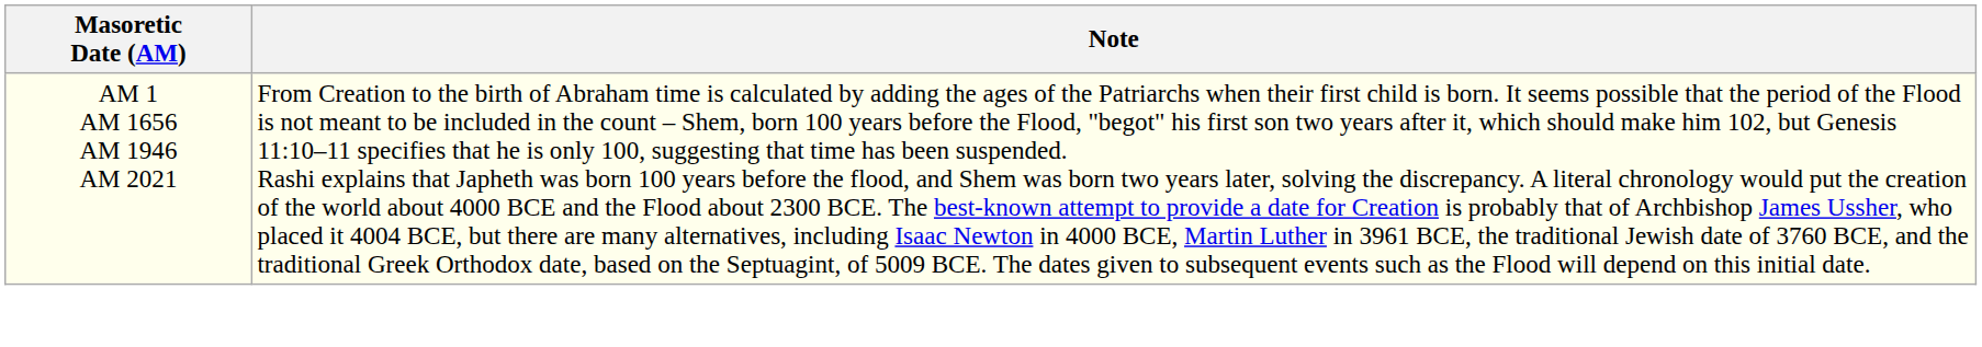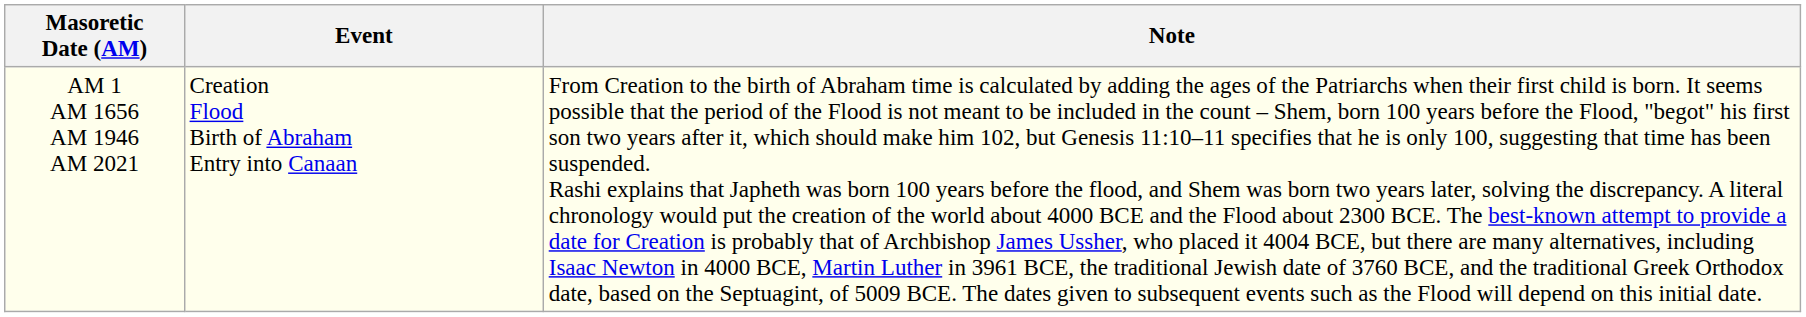 <table class="wikitable" style="align: center;">
 <tr>
 <th style="width:10%;">Masoretic<br>Date (<a href='#'>AM</a>)</th>
+<th style="width:20%;">Event<br></th>
 <th style="width:70%;">Note</th>
 </tr>
 <tr style="text-align:left; background:#ffffec; vertical-align:top;">
 <td style="text-align:center;">AM 1<br>AM 1656<br>AM 1946<br>AM 2021</td>
+<td style="text-align:left;">Creation<br><a href='#'>Flood</a><br>Birth of <a href='#'>Abraham</a><br>Entry into <a href='#'>Canaan</a></td>
 <td style="text-align:left;">From Creation to the birth of Abraham time is calculated by adding the ages of the Patriarchs when their first child is born. It seems possible that the period of the Flood is not meant to be included in the count – Shem, born 100 years before the Flood, "begot" his first son two years after it, which should make him 102, but Genesis 11:10–11 specifies that he is only 100, suggesting that time has been suspended.<br>Rashi explains that Japheth was born 100 years before the flood, and Shem was born two years later, solving the discrepancy. A literal chronology would put the creation of the world about 4000 BCE and the Flood about 2300 BCE. The <a href='#'>best-known attempt to provide a date for Creation</a> is probably that of Archbishop <a href='#'>James Ussher</a>, who placed it 4004 BCE, but there are many alternatives, including <a href='#'>Isaac Newton</a> in 4000 BCE, <a href='#'>Martin Luther</a> in 3961 BCE, the traditional Jewish date of 3760 BCE, and the traditional Greek Orthodox date, based on the Septuagint, of 5009 BCE. The dates given to subsequent events such as the Flood will depend on this initial date.</td>
 </tr>
 </table>
